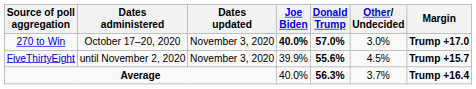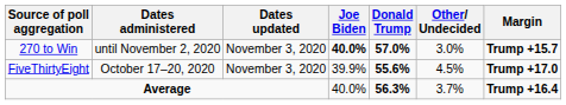 <table class="wikitable sortable" style="text-align:center;font-size:90%;line-height:17px">
 <tr>
 <th>Source of poll<br>aggregation</th>
 <th>Dates<br> administered</th>
 <th>Dates<br> updated</th>
 <th class="unsortable"><a href='#'>Joe<br>Biden</a><br><small></small></th>
 <th class="unsortable"><a href='#'>Donald<br>Trump</a><br><small></small></th>
 <th class="unsortable"><a href='#'>Other</a>/<br>Undecided<br></th>
 <th>Margin</th>
 </tr>
 <tr>
 <td><a href='#'>270 to Win</a></td>
-<td>October 17–20, 2020</td>
+<td>until November 2, 2020</td>
 <td>November 3, 2020</td>
 <td><strong>40.0%</strong></td>
 <td><strong>57.0%</strong></td>
 <td>3.0%</td>
-<td><strong>Trump +17.0</strong></td>
+<td><strong>Trump +15.7</strong></td>
 </tr>
 <tr>
 <td><a href='#'>FiveThirtyEight</a></td>
-<td>until November 2, 2020</td>
+<td>October 17–20, 2020</td>
 <td>November 3, 2020</td>
 <td>39.9%</td>
 <td><strong>55.6%</strong></td>
 <td>4.5%</td>
-<td><strong>Trump +15.7</strong></td>
+<td><strong>Trump +17.0</strong></td>
 </tr>
 <tr>
 <td colspan="3"><strong>Average</strong></td>
 <td>40.0%</td>
 <td><strong>56.3%</strong></td>
 <td>3.7%</td>
 <td><strong>Trump +16.4</strong></td>
 </tr>
 </table>
